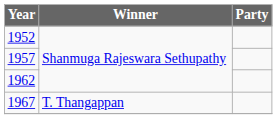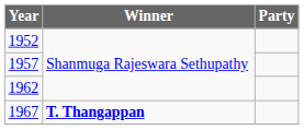 <table class="wikitable" width="50%">
 <tr>
 <th style="background-color:#666666; color:white">Year</th>
 <th style="background-color:#666666; color:white">Winner</th>
 <th style="background-color:#666666; color:white" colspan="2">Party</th>
 </tr>
 <tr>
 <td><a href='#'>1952</a></td>
 <td rowspan=3><a href='#'>Shanmuga Rajeswara Sethupathy</a></td>
 <td></td>
 </tr>
 <tr>
 <td><a href='#'>1957</a></td>
 <td></td>
 </tr>
 <tr>
 <td><a href='#'>1962</a></td>
 <td></td>
 </tr>
 <tr>
 <td><a href='#'>1967</a></td>
-<td><a href='#'>T. Thangappan</a></td>
+<td><strong><a href='#'>T. Thangappan</a></strong></td>
 <td></td>
 </tr>
 <tr>
 </tr>
 </table>
